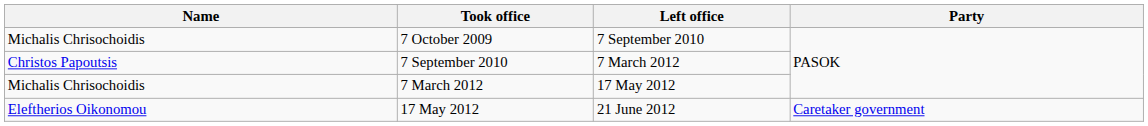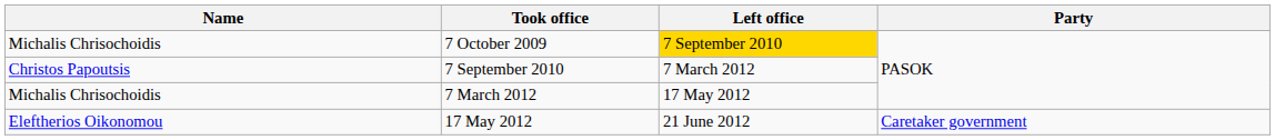 <table class="wikitable">
 <tr>
 <th width="20%">Name</th>
 <th width="10%">Took office</th>
 <th width="10%">Left office</th>
 <th width="18%">Party</th>
 </tr>
 <tr>
 <td>Michalis Chrisochoidis</td>
 <td>7 October 2009</td>
-<td>7 September 2010</td>
+<td style="background: gold;">7 September 2010</td>
 <td rowspan=3>PASOK</td>
 </tr>
 <tr>
 <td><a href='#'>Christos Papoutsis</a></td>
 <td>7 September 2010</td>
 <td>7 March 2012</td>
 </tr>
 <tr>
 <td>Michalis Chrisochoidis</td>
 <td>7 March 2012</td>
 <td>17 May 2012</td>
 </tr>
 <tr>
 <td><a href='#'>Eleftherios Oikonomou</a></td>
 <td>17 May 2012</td>
 <td>21 June 2012</td>
 <td><a href='#'>Caretaker government</a></td>
 </tr>
 </table>
